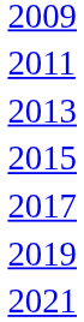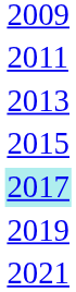 <table>
 <tr>
 <td><a href='#'>2009</a></td>
 <td></td>
 <td></td>
 <td></td>
 </tr>
 <tr>
 <td><a href='#'>2011</a></td>
 <td></td>
 <td></td>
 <td></td>
 </tr>
 <tr>
 <td><a href='#'>2013</a></td>
 <td></td>
 <td></td>
 <td></td>
 </tr>
 <tr>
 <td><a href='#'>2015</a></td>
 <td></td>
 <td></td>
 <td></td>
 </tr>
 <tr>
-<td><a href='#'>2017</a></td>
+<td style="background: paleturquoise;"><a href='#'>2017</a></td>
 <td></td>
 <td></td>
 <td></td>
 </tr>
 <tr>
 <td><a href='#'>2019</a></td>
 <td></td>
 <td></td>
 <td></td>
 </tr>
 <tr>
 <td><a href='#'>2021</a></td>
 <td></td>
 <td></td>
 <td></td>
 </tr>
 </table>
